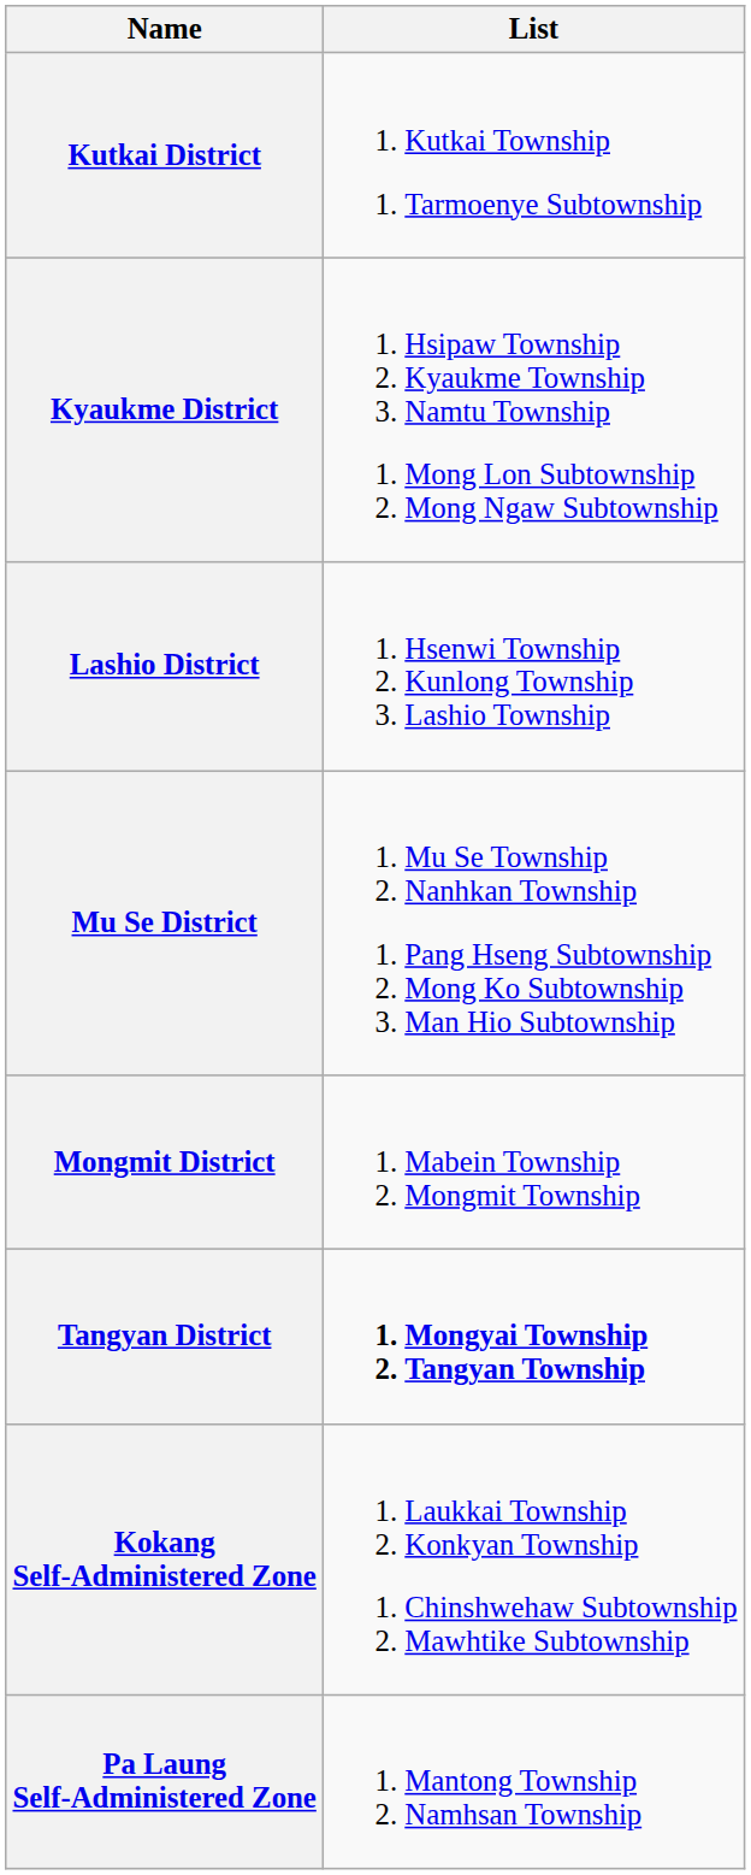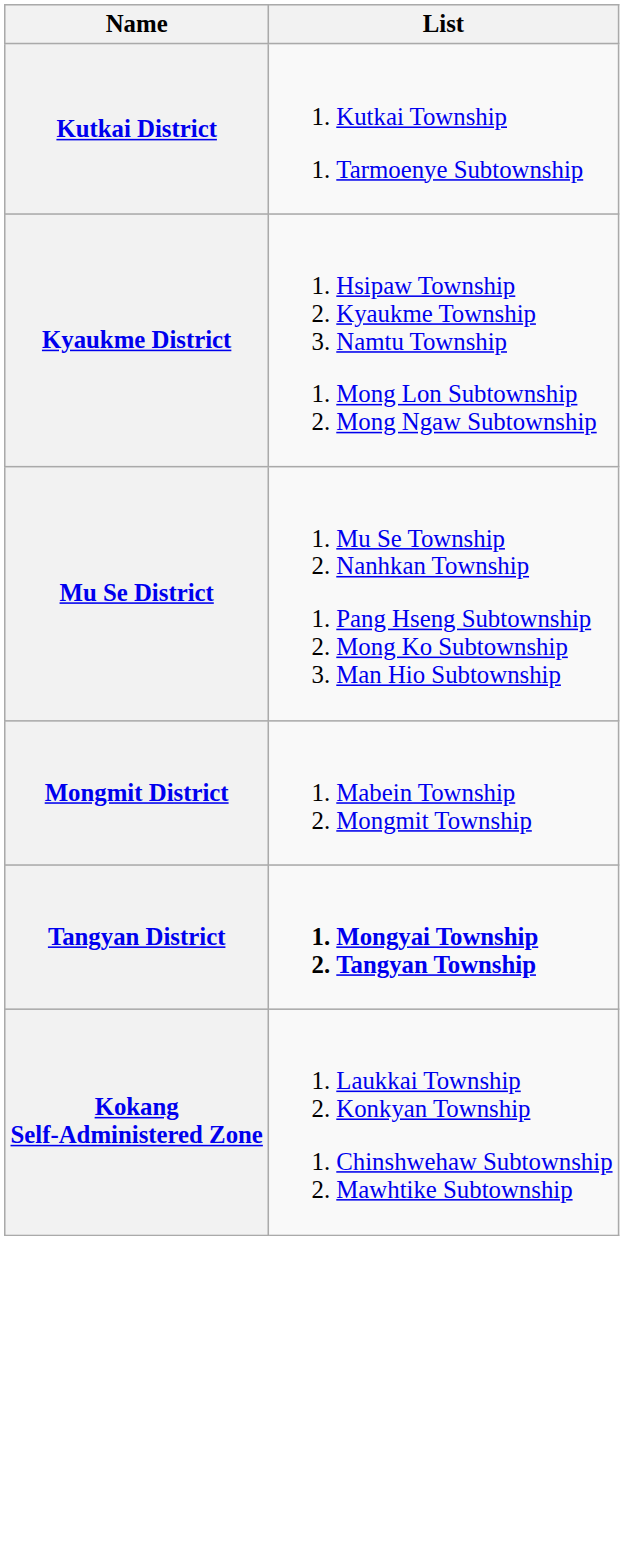 <table class=wikitable>
 <tr>
 <th>Name</th>
 <th>List</th>
 </tr>
 <tr>
 <th><a href='#'>Kutkai District</a></th>
 <td><br> <ol><li><a href='#'>Kutkai Township</a></li></ol><ol><li><a href='#'>Tarmoenye Subtownship</a></li></ol></td>
 </tr>
 <tr>
 <th><a href='#'>Kyaukme District</a></th>
 <td><br> <ol><li><a href='#'>Hsipaw Township</a></li><li><a href='#'>Kyaukme Township</a></li><li><a href='#'>Namtu Township</a></li></ol><ol><li><a href='#'>Mong Lon Subtownship</a></li><li><a href='#'>Mong Ngaw Subtownship</a></li></ol></td>
-</tr>
-<tr>
-<th><a href='#'>Lashio District</a></th>
-<td><br><ol><li><a href='#'>Hsenwi Township</a></li><li><a href='#'>Kunlong Township</a></li><li><a href='#'>Lashio Township</a></li></ol></td>
 </tr>
 <tr>
 <th><a href='#'>Mu Se District</a></th>
 <td><br> <ol><li><a href='#'>Mu Se Township</a></li><li><a href='#'>Nanhkan Township</a></li></ol><ol><li><a href='#'>Pang Hseng Subtownship</a></li><li><a href='#'>Mong Ko Subtownship</a></li><li><a href='#'>Man Hio Subtownship</a></li></ol></td>
 </tr>
 <tr>
 <th><a href='#'>Mongmit District</a></th>
 <td><br><ol><li><a href='#'>Mabein Township</a></li><li><a href='#'>Mongmit Township</a></li></ol></td>
 </tr>
 <tr>
 <th><a href='#'>Tangyan District</a></th>
 <td><strong><br><ol><li><a href='#'>Mongyai Township</a></li><li><a href='#'>Tangyan Township</a></li></ol></strong></td>
 </tr>
 <tr>
 <th><a href='#'>Kokang<br>Self-Administered Zone</a></th>
 <td><br> <ol><li><a href='#'>Laukkai Township</a></li><li><a href='#'>Konkyan Township</a></li></ol><ol><li><a href='#'>Chinshwehaw Subtownship</a></li><li><a href='#'>Mawhtike Subtownship</a></li></ol></td>
 </tr>
-<tr>
-<th><a href='#'>Pa Laung<br>Self-Administered Zone</a></th>
-<td><br><ol><li><a href='#'>Mantong Township</a></li><li><a href='#'>Namhsan Township</a></li></ol></td>
-</tr>
 </table>
